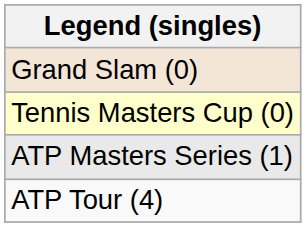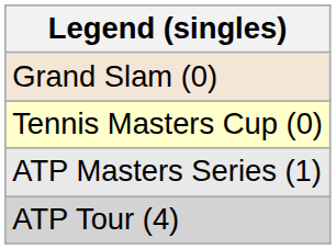 <table class="wikitable">
 <tr>
 <th>Legend (singles)</th>
 </tr>
 <tr style="background: #f3e6d7;">
 <td>Grand Slam (0)</td>
 </tr>
 <tr style="background: #ffc;">
 <td>Tennis Masters Cup (0)</td>
 </tr>
 <tr style="background: #e9e9e9;">
 <td>ATP Masters Series (1)</td>
 </tr>
 <tr>
-<td>ATP Tour (4)</td>
+<td style="background: lightgrey;">ATP Tour (4)</td>
 </tr>
 </table>
